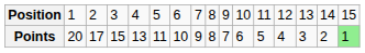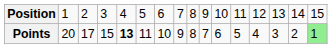 <table class="wikitable">
 <tr>
 <th>Position</th>
 <td>1</td>
 <td>2</td>
 <td>3</td>
 <td>4</td>
 <td>5</td>
 <td>6</td>
 <td>7</td>
 <td>8</td>
 <td>9</td>
 <td>10</td>
 <td>11</td>
 <td>12</td>
 <td>13</td>
 <td>14</td>
 <td>15</td>
 </tr>
 <tr>
 <th>Points</th>
 <td>20</td>
 <td>17</td>
 <td>15</td>
-<td>13</td>
+<td><strong>13</strong></td>
 <td>11</td>
 <td>10</td>
 <td>9</td>
 <td>8</td>
 <td>7</td>
 <td>6</td>
 <td>5</td>
 <td>4</td>
 <td>3</td>
 <td>2</td>
 <td style="background: lightgreen;">1</td>
 </tr>
 </table>
